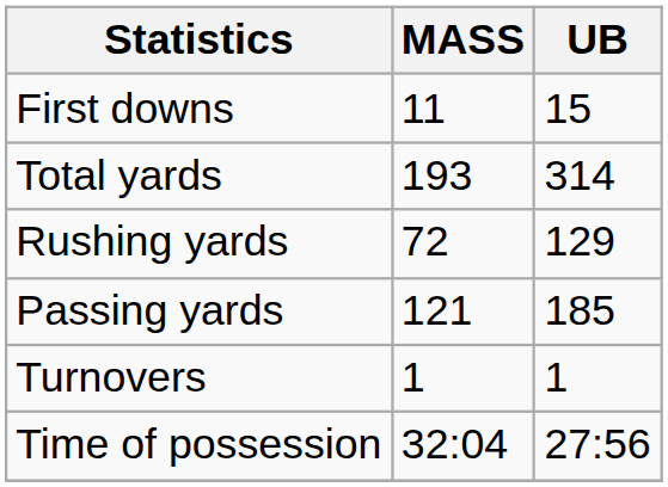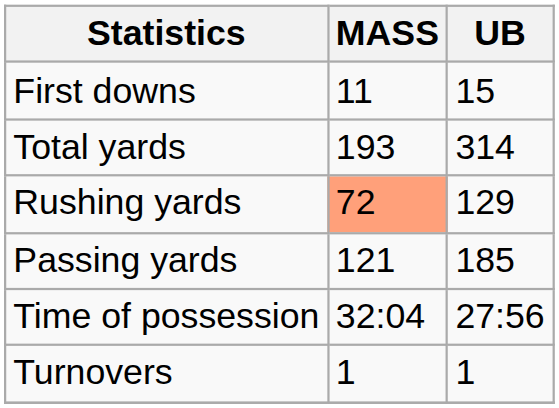 <table class="wikitable" style="float: left;">
 <tr>
 <th>Statistics</th>
 <th>MASS</th>
 <th>UB</th>
 </tr>
 <tr>
 <td>First downs</td>
 <td>11</td>
 <td>15</td>
 </tr>
 <tr>
 <td>Total yards</td>
 <td>193</td>
 <td>314</td>
 </tr>
 <tr>
 <td>Rushing yards</td>
-<td>72</td>
+<td style="background: lightsalmon;">72</td>
 <td>129</td>
 </tr>
 <tr>
 <td>Passing yards</td>
 <td>121</td>
 <td>185</td>
 </tr>
 <tr>
+<td>Time of possession</td>
+<td>32:04</td>
+<td>27:56</td>
+</tr>
+<tr>
 <td>Turnovers</td>
 <td>1</td>
 <td>1</td>
 </tr>
 <tr>
-<td>Time of possession</td>
-<td>32:04</td>
-<td>27:56</td>
-</tr>
-<tr>
 </tr>
 </table>
